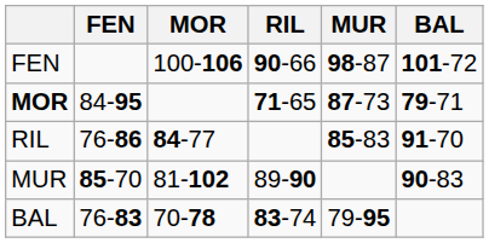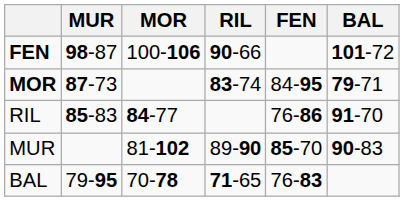 <table class="wikitable">
 <tr>
 <th></th>
-<th> FEN</th>
+<th> MUR</th>
 <th> MOR</th>
 <th> RIL</th>
-<th> MUR</th>
+<th> FEN</th>
 <th> BAL</th>
 </tr>
 <tr>
-<td> FEN</td>
-<td></td>
+<td><strong> FEN</strong></td>
+<td><strong>98</strong>-87</td>
 <td>100-<strong>106</strong></td>
 <td><strong>90</strong>-66</td>
-<td><strong>98</strong>-87</td>
+<td></td>
 <td><strong>101</strong>-72</td>
 </tr>
 <tr>
 <td><strong> MOR</strong></td>
+<td><strong>87</strong>-73</td>
+<td></td>
+<td><strong>83</strong>-74</td>
 <td>84-<strong>95</strong></td>
-<td></td>
-<td><strong>71</strong>-65</td>
-<td><strong>87</strong>-73</td>
 <td><strong>79</strong>-71</td>
 </tr>
 <tr>
 <td> RIL</td>
-<td>76-<strong>86</strong></td>
+<td><strong>85</strong>-83</td>
 <td><strong>84</strong>-77</td>
 <td></td>
-<td><strong>85</strong>-83</td>
+<td>76-<strong>86</strong></td>
 <td><strong>91</strong>-70</td>
 </tr>
 <tr>
 <td> MUR</td>
-<td><strong>85</strong>-70</td>
+<td></td>
 <td>81-<strong>102</strong></td>
 <td>89-<strong>90</strong></td>
-<td></td>
+<td><strong>85</strong>-70</td>
 <td><strong>90</strong>-83</td>
 </tr>
 <tr>
 <td> BAL</td>
+<td>79-<strong>95</strong></td>
+<td>70-<strong>78</strong></td>
+<td><strong>71</strong>-65</td>
 <td>76-<strong>83</strong></td>
-<td>70-<strong>78</strong></td>
-<td><strong>83</strong>-74</td>
-<td>79-<strong>95</strong></td>
 <td></td>
 </tr>
 </table>
